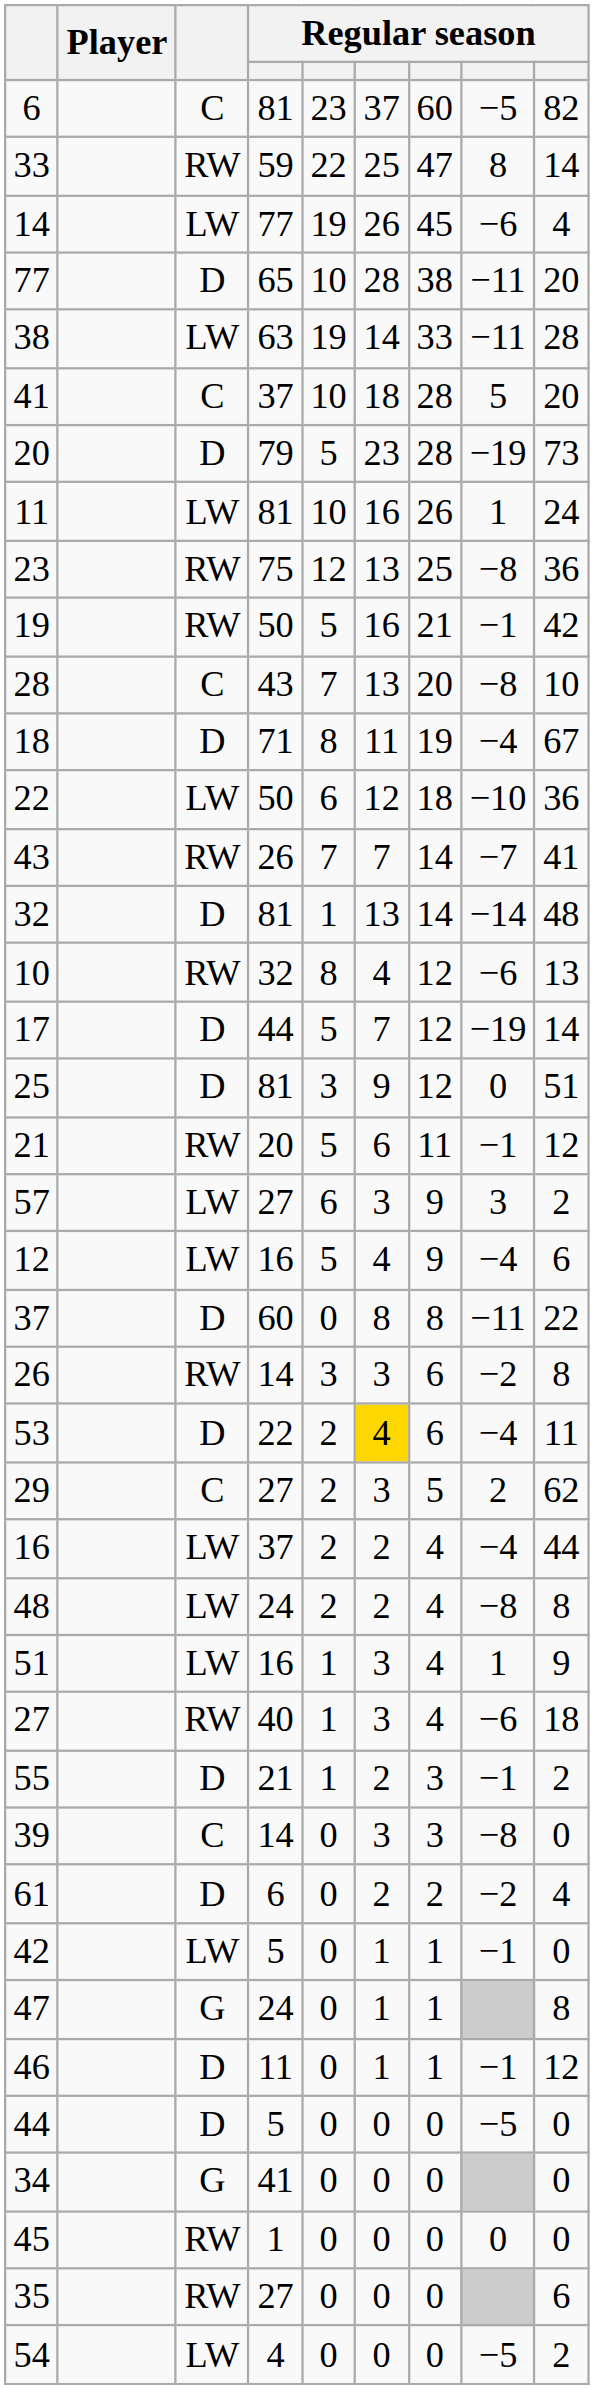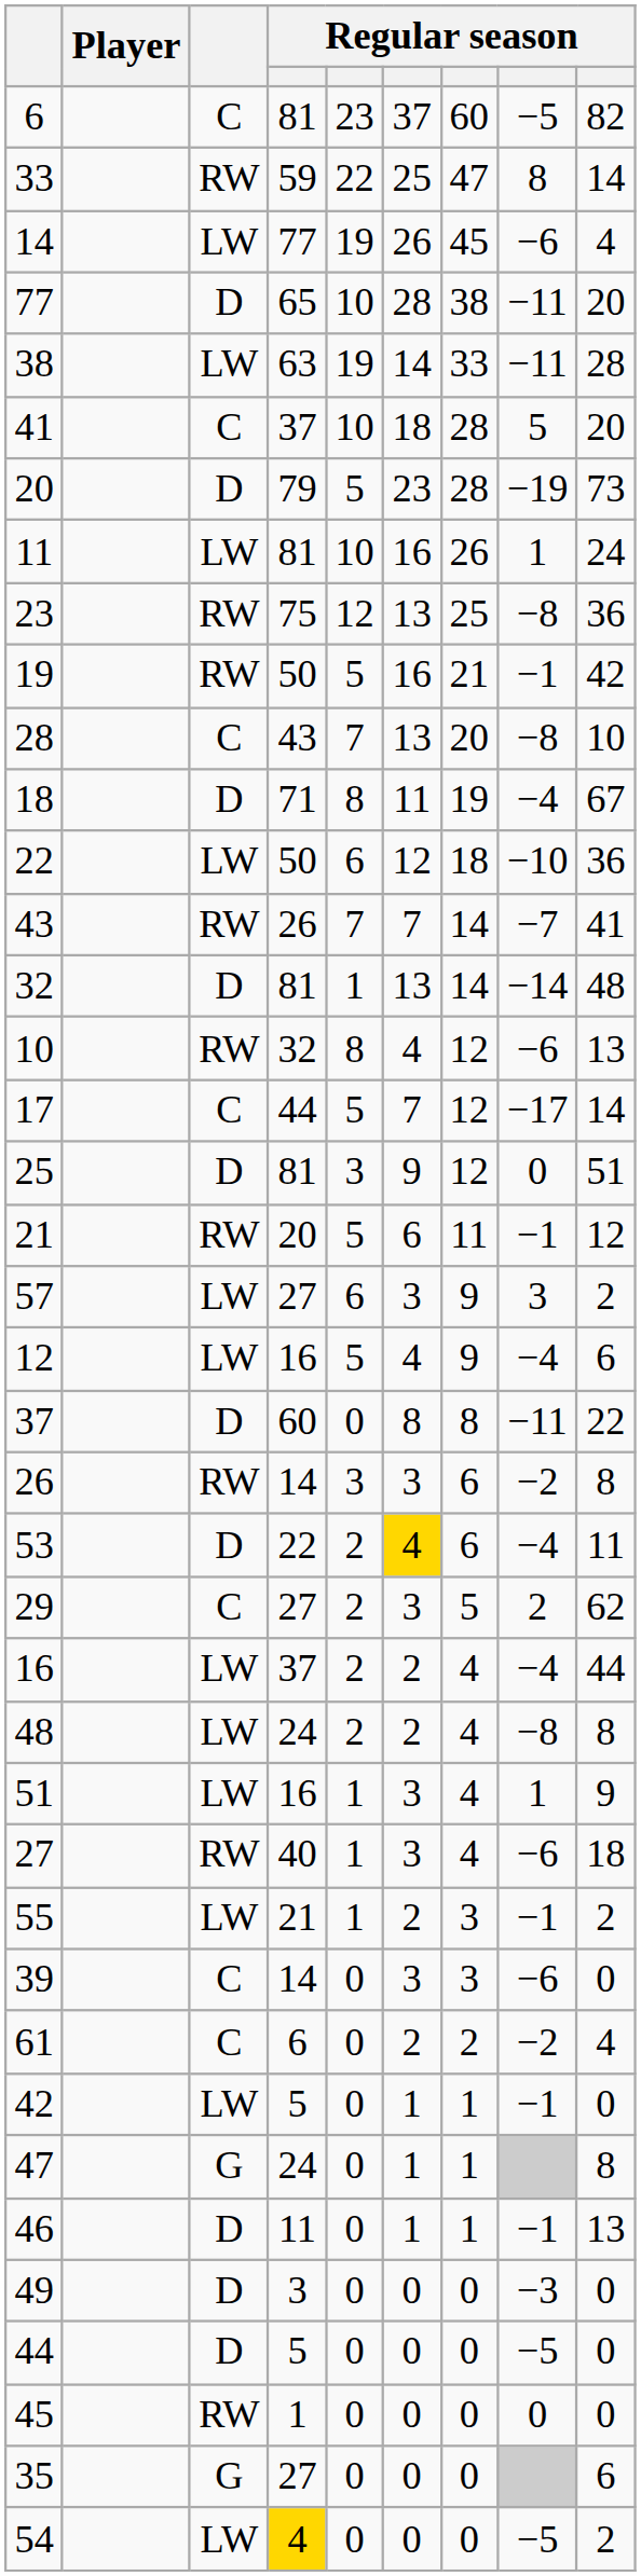 <table class="wikitable sortable plainrowheaders" style="text-align:center;">
 <tr>
 <th scope="col" data-sort-type="number" rowspan="2"></th>
 <th scope="col" rowspan="2">Player</th>
 <th scope="col" rowspan="2"></th>
 <th scope=colgroup colspan=6>Regular season</th>
 </tr>
 <tr>
 <th scope="col" data-sort-type="number"></th>
 <th scope="col" data-sort-type="number"></th>
 <th scope="col" data-sort-type="number"></th>
 <th scope="col" data-sort-type="number"></th>
 <th scope="col" data-sort-type="number"></th>
 <th scope="col" data-sort-type="number"></th>
 </tr>
 <tr>
 <td scope="row">6</td>
 <td align="left"></td>
 <td>C</td>
 <td>81</td>
 <td>23</td>
 <td>37</td>
 <td>60</td>
 <td>−5</td>
 <td>82</td>
 </tr>
 <tr>
 <td scope="row">33</td>
 <td align="left"></td>
 <td>RW</td>
 <td>59</td>
 <td>22</td>
 <td>25</td>
 <td>47</td>
 <td>8</td>
 <td>14</td>
 </tr>
 <tr>
 <td scope="row">14</td>
 <td align="left"></td>
 <td>LW</td>
 <td>77</td>
 <td>19</td>
 <td>26</td>
 <td>45</td>
 <td>−6</td>
 <td>4</td>
 </tr>
 <tr>
 <td scope="row">77</td>
 <td align="left"></td>
 <td>D</td>
 <td>65</td>
 <td>10</td>
 <td>28</td>
 <td>38</td>
 <td>−11</td>
 <td>20</td>
 </tr>
 <tr>
 <td scope="row">38</td>
 <td align="left"></td>
 <td>LW</td>
 <td>63</td>
 <td>19</td>
 <td>14</td>
 <td>33</td>
 <td>−11</td>
 <td>28</td>
 </tr>
 <tr>
 <td scope="row">41</td>
 <td align="left"></td>
 <td>C</td>
 <td>37</td>
 <td>10</td>
 <td>18</td>
 <td>28</td>
 <td>5</td>
 <td>20</td>
 </tr>
 <tr>
 <td scope="row">20</td>
 <td align="left"></td>
 <td>D</td>
 <td>79</td>
 <td>5</td>
 <td>23</td>
 <td>28</td>
 <td>−19</td>
 <td>73</td>
 </tr>
 <tr>
 <td scope="row">11</td>
 <td align="left"></td>
 <td>LW</td>
 <td>81</td>
 <td>10</td>
 <td>16</td>
 <td>26</td>
 <td>1</td>
 <td>24</td>
 </tr>
 <tr>
 <td scope="row">23</td>
 <td align="left"></td>
 <td>RW</td>
 <td>75</td>
 <td>12</td>
 <td>13</td>
 <td>25</td>
 <td>−8</td>
 <td>36</td>
 </tr>
 <tr>
 <td scope="row">19</td>
 <td align="left"></td>
 <td>RW</td>
 <td>50</td>
 <td>5</td>
 <td>16</td>
 <td>21</td>
 <td>−1</td>
 <td>42</td>
 </tr>
 <tr>
 <td scope="row">28</td>
 <td align="left"></td>
 <td>C</td>
 <td>43</td>
 <td>7</td>
 <td>13</td>
 <td>20</td>
 <td>−8</td>
 <td>10</td>
 </tr>
 <tr>
 <td scope="row">18</td>
 <td align="left"></td>
 <td>D</td>
 <td>71</td>
 <td>8</td>
 <td>11</td>
 <td>19</td>
 <td>−4</td>
 <td>67</td>
 </tr>
 <tr>
 <td scope="row">22</td>
 <td align="left"></td>
 <td>LW</td>
 <td>50</td>
 <td>6</td>
 <td>12</td>
 <td>18</td>
 <td>−10</td>
 <td>36</td>
 </tr>
 <tr>
 <td scope="row">43</td>
 <td align="left"></td>
 <td>RW</td>
 <td>26</td>
 <td>7</td>
 <td>7</td>
 <td>14</td>
 <td>−7</td>
 <td>41</td>
 </tr>
 <tr>
 <td scope="row">32</td>
 <td align="left"></td>
 <td>D</td>
 <td>81</td>
 <td>1</td>
 <td>13</td>
 <td>14</td>
 <td>−14</td>
 <td>48</td>
 </tr>
 <tr>
 <td scope="row">10</td>
 <td align="left"></td>
 <td>RW</td>
 <td>32</td>
 <td>8</td>
 <td>4</td>
 <td>12</td>
 <td>−6</td>
 <td>13</td>
 </tr>
 <tr>
 <td scope="row">17</td>
 <td align="left"></td>
-<td>D</td>
+<td>C</td>
 <td>44</td>
 <td>5</td>
 <td>7</td>
 <td>12</td>
-<td>−19</td>
+<td>−17</td>
 <td>14</td>
 </tr>
 <tr>
 <td scope="row">25</td>
 <td align="left"></td>
 <td>D</td>
 <td>81</td>
 <td>3</td>
 <td>9</td>
 <td>12</td>
 <td>0</td>
 <td>51</td>
 </tr>
 <tr>
 <td scope="row">21</td>
 <td align="left"></td>
 <td>RW</td>
 <td>20</td>
 <td>5</td>
 <td>6</td>
 <td>11</td>
 <td>−1</td>
 <td>12</td>
 </tr>
 <tr>
 <td scope="row">57</td>
 <td align="left"></td>
 <td>LW</td>
 <td>27</td>
 <td>6</td>
 <td>3</td>
 <td>9</td>
 <td>3</td>
 <td>2</td>
 </tr>
 <tr>
 <td scope="row">12</td>
 <td align="left"></td>
 <td>LW</td>
 <td>16</td>
 <td>5</td>
 <td>4</td>
 <td>9</td>
 <td>−4</td>
 <td>6</td>
 </tr>
 <tr>
 <td scope="row">37</td>
 <td align="left"></td>
 <td>D</td>
 <td>60</td>
 <td>0</td>
 <td>8</td>
 <td>8</td>
 <td>−11</td>
 <td>22</td>
 </tr>
 <tr>
 <td scope="row">26</td>
 <td align="left"></td>
 <td>RW</td>
 <td>14</td>
 <td>3</td>
 <td>3</td>
 <td>6</td>
 <td>−2</td>
 <td>8</td>
 </tr>
 <tr>
 <td scope="row">53</td>
 <td align="left"></td>
 <td>D</td>
 <td>22</td>
 <td>2</td>
 <td style="background: gold;">4</td>
 <td>6</td>
 <td>−4</td>
 <td>11</td>
 </tr>
 <tr>
 <td scope="row">29</td>
 <td align="left"></td>
 <td>C</td>
 <td>27</td>
 <td>2</td>
 <td>3</td>
 <td>5</td>
 <td>2</td>
 <td>62</td>
 </tr>
 <tr>
 <td scope="row">16</td>
 <td align="left"></td>
 <td>LW</td>
 <td>37</td>
 <td>2</td>
 <td>2</td>
 <td>4</td>
 <td>−4</td>
 <td>44</td>
 </tr>
 <tr>
 <td scope="row">48</td>
 <td align="left"></td>
 <td>LW</td>
 <td>24</td>
 <td>2</td>
 <td>2</td>
 <td>4</td>
 <td>−8</td>
 <td>8</td>
 </tr>
 <tr>
 <td scope="row">51</td>
 <td align="left"></td>
 <td>LW</td>
 <td>16</td>
 <td>1</td>
 <td>3</td>
 <td>4</td>
 <td>1</td>
 <td>9</td>
 </tr>
 <tr>
 <td scope="row">27</td>
 <td align="left"></td>
 <td>RW</td>
 <td>40</td>
 <td>1</td>
 <td>3</td>
 <td>4</td>
 <td>−6</td>
 <td>18</td>
 </tr>
 <tr>
 <td scope="row">55</td>
 <td align="left"></td>
-<td>D</td>
+<td>LW</td>
 <td>21</td>
 <td>1</td>
 <td>2</td>
 <td>3</td>
 <td>−1</td>
 <td>2</td>
 </tr>
 <tr>
 <td scope="row">39</td>
 <td align="left"></td>
 <td>C</td>
 <td>14</td>
 <td>0</td>
 <td>3</td>
 <td>3</td>
-<td>−8</td>
+<td>−6</td>
 <td>0</td>
 </tr>
 <tr>
 <td scope="row">61</td>
 <td align="left"></td>
-<td>D</td>
+<td>C</td>
 <td>6</td>
 <td>0</td>
 <td>2</td>
 <td>2</td>
 <td>−2</td>
 <td>4</td>
 </tr>
 <tr>
 <td scope="row">42</td>
 <td align="left"></td>
 <td>LW</td>
 <td>5</td>
 <td>0</td>
 <td>1</td>
 <td>1</td>
 <td>−1</td>
 <td>0</td>
 </tr>
 <tr>
 <td scope="row">47</td>
 <td align="left"></td>
 <td>G</td>
 <td>24</td>
 <td>0</td>
 <td>1</td>
 <td>1</td>
 <td style="background:#ccc"></td>
 <td>8</td>
 </tr>
 <tr>
 <td scope="row">46</td>
 <td align="left"></td>
 <td>D</td>
 <td>11</td>
 <td>0</td>
 <td>1</td>
 <td>1</td>
 <td>−1</td>
-<td>12</td>
+<td>13</td>
+</tr>
+<tr>
+<td scope="row">49</td>
+<td align="left"></td>
+<td>D</td>
+<td>3</td>
+<td>0</td>
+<td>0</td>
+<td>0</td>
+<td>−3</td>
+<td>0</td>
 </tr>
 <tr>
 <td scope="row">44</td>
 <td align="left"></td>
 <td>D</td>
 <td>5</td>
 <td>0</td>
 <td>0</td>
 <td>0</td>
 <td>−5</td>
-<td>0</td>
-</tr>
-<tr>
-<td scope="row">34</td>
-<td align="left"></td>
-<td>G</td>
-<td>41</td>
-<td>0</td>
-<td>0</td>
-<td>0</td>
-<td style="background:#ccc"></td>
 <td>0</td>
 </tr>
 <tr>
 <td scope="row">45</td>
 <td align="left"></td>
 <td>RW</td>
 <td>1</td>
 <td>0</td>
 <td>0</td>
 <td>0</td>
 <td>0</td>
 <td>0</td>
 </tr>
 <tr>
 <td scope="row">35</td>
 <td align="left"></td>
-<td>RW</td>
+<td>G</td>
 <td>27</td>
 <td>0</td>
 <td>0</td>
 <td>0</td>
 <td style="background:#ccc"></td>
 <td>6</td>
 </tr>
 <tr>
 <td scope="row">54</td>
 <td align="left"></td>
 <td>LW</td>
-<td>4</td>
+<td style="background: gold;">4</td>
 <td>0</td>
 <td>0</td>
 <td>0</td>
 <td>−5</td>
 <td>2</td>
 </tr>
 </table>
